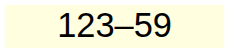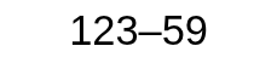 <table style="text-align:center">
 <tr>
 <th width=200></th>
 <th width=100></th>
 <th width=200></th>
 </tr>
 <tr>
 <td align=right><strong></strong></td>
-<td align=center style="background: lightyellow;">123–59</td>
+<td align=center>123–59</td>
 <td align=left></td>
 </tr>
 </table>
